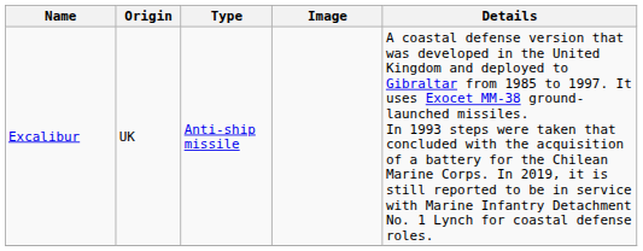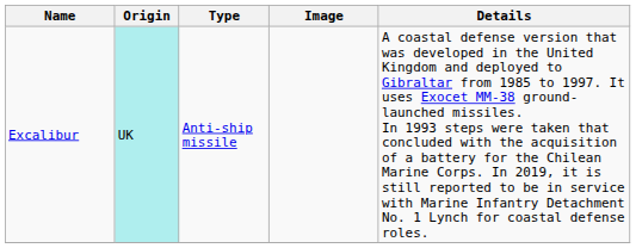 <table class="wikitable" border="0" style="width:100%">
 <tr>
 <th style="text-align: center; width:17%;">Name</th>
 <th style="text-align: center; width:10%;">Origin</th>
 <th style="text-align: center; width:14%;">Type</th>
 <th style="text-align: center; width:17%;">Image</th>
 <th style="text-align: center; width:39%;">Details</th>
 </tr>
 <tr>
 <td><a href='#'>Excalibur</a></td>
-<td> UK</td>
+<td style="background: paleturquoise;"> UK</td>
 <td><a href='#'>Anti-ship missile</a></td>
 <td></td>
 <td>A coastal defense version that was developed in the United Kingdom and deployed to <a href='#'>Gibraltar</a> from 1985 to 1997. It uses <a href='#'>Exocet MM-38</a> ground-launched missiles.<br>In 1993 steps were taken that concluded with the acquisition of a battery for the Chilean Marine Corps. In 2019, it is still reported to be in service with Marine Infantry Detachment No. 1 Lynch for coastal defense roles.</td>
 </tr>
 <tr>
 </tr>
 </table>
